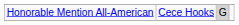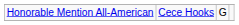 <table class="wikitable sortable" border="1">
 <tr align=center>
 </tr>
 <tr align="center">
 <td><a href='#'>Honorable Mention All-American</a></td>
 <td><a href='#'>Cece Hooks</a></td>
-<td style="background: lightgrey;">G</td>
+<td>G</td>
 <td></td>
 </tr>
 <tr>
 </tr>
 </table>
